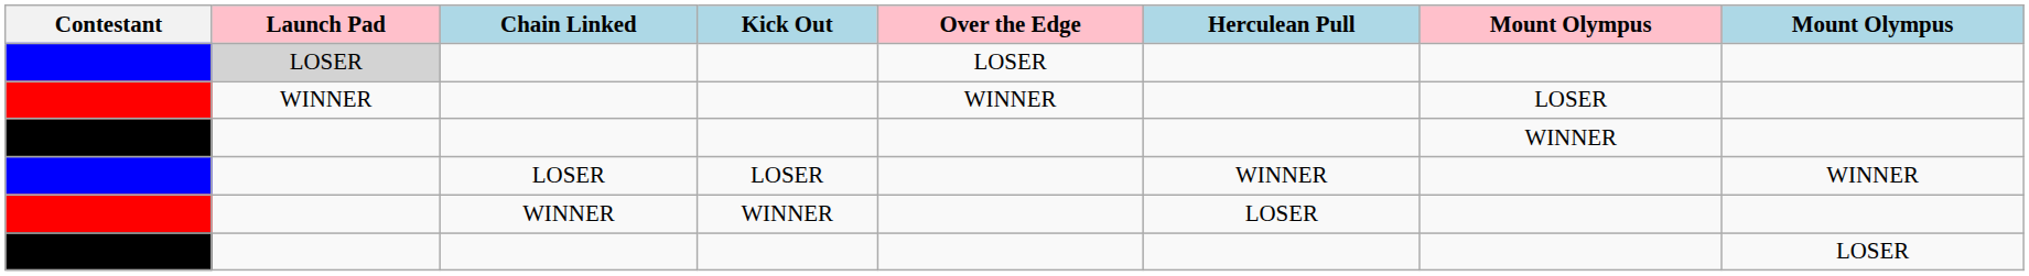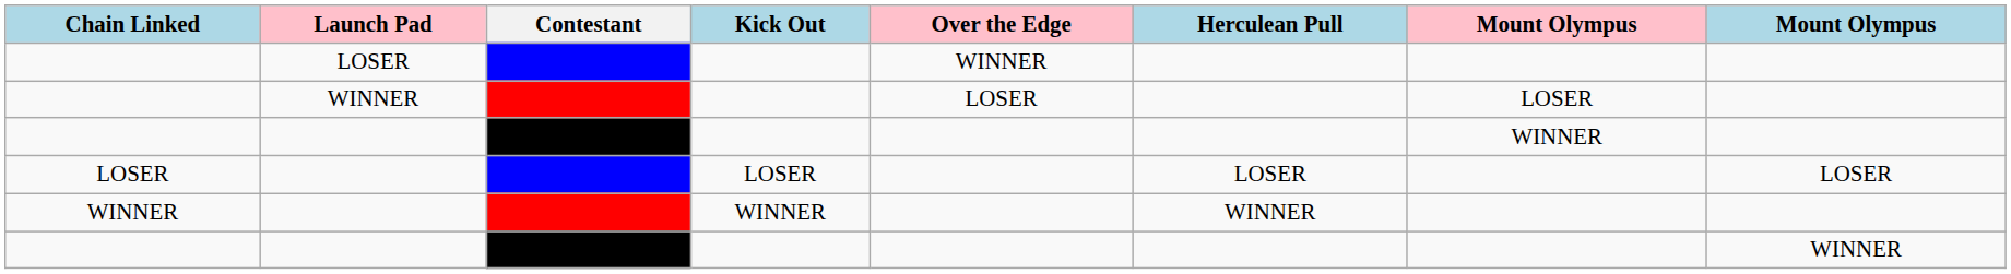 <table class="wikitable" style="text-align:center; font-size:90%; width:100%">
 <tr>
+<th style="background:lightblue;">Chain Linked</th>
+<th style="background:pink;">Launch Pad</th>
 <th>Contestant</th>
-<th style="background:pink;">Launch Pad</th>
-<th style="background:lightblue;">Chain Linked</th>
 <th style="background:lightblue;">Kick Out</th>
 <th style="background:pink;">Over the Edge</th>
 <th style="background:lightblue;">Herculean Pull</th>
 <th style="background:pink;">Mount Olympus</th>
 <th style="background:lightblue;">Mount Olympus</th>
 </tr>
 <tr>
-<td style="background:blue;"></td>
-<td style="background: lightgrey;">LOSER</td>
-<td></td>
 <td></td>
 <td>LOSER</td>
+<td style="background:blue;"></td>
+<td></td>
+<td>WINNER</td>
 <td></td>
 <td></td>
 <td></td>
 </tr>
 <tr>
-<td style="background:red;"></td>
-<td>WINNER</td>
-<td></td>
 <td></td>
 <td>WINNER</td>
+<td style="background:red;"></td>
+<td></td>
+<td>LOSER</td>
 <td></td>
 <td>LOSER</td>
 <td></td>
 </tr>
 <tr>
-<td style="background:black;"></td>
 <td></td>
 <td></td>
+<td style="background:black;"></td>
 <td></td>
 <td></td>
 <td></td>
 <td>WINNER</td>
 <td></td>
 </tr>
 <tr>
+<td>LOSER</td>
+<td></td>
 <td style="background:blue;"></td>
+<td>LOSER</td>
 <td></td>
 <td>LOSER</td>
+<td></td>
 <td>LOSER</td>
+</tr>
+<tr>
+<td>WINNER</td>
 <td></td>
+<td style="background:red;"></td>
 <td>WINNER</td>
 <td></td>
 <td>WINNER</td>
-</tr>
-<tr>
-<td style="background:red;"></td>
-<td></td>
-<td>WINNER</td>
-<td>WINNER</td>
-<td></td>
-<td>LOSER</td>
 <td></td>
 <td></td>
 </tr>
 <tr>
+<td></td>
+<td></td>
 <td style="background:black;"></td>
 <td></td>
 <td></td>
 <td></td>
 <td></td>
-<td></td>
-<td></td>
-<td>LOSER</td>
+<td>WINNER</td>
 </tr>
 </table>
